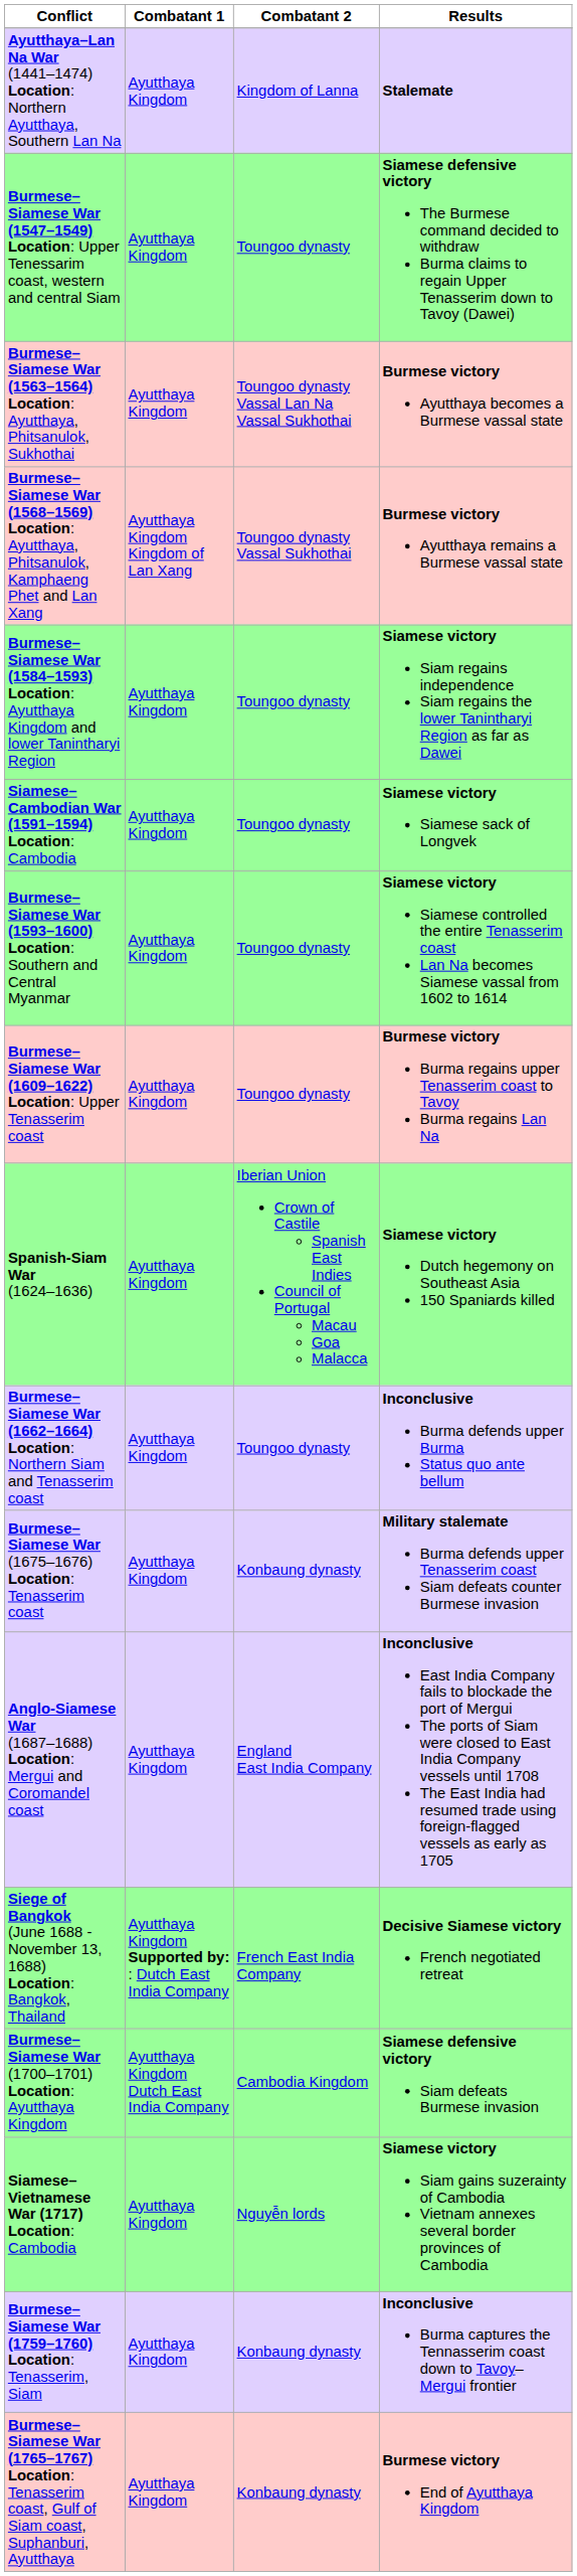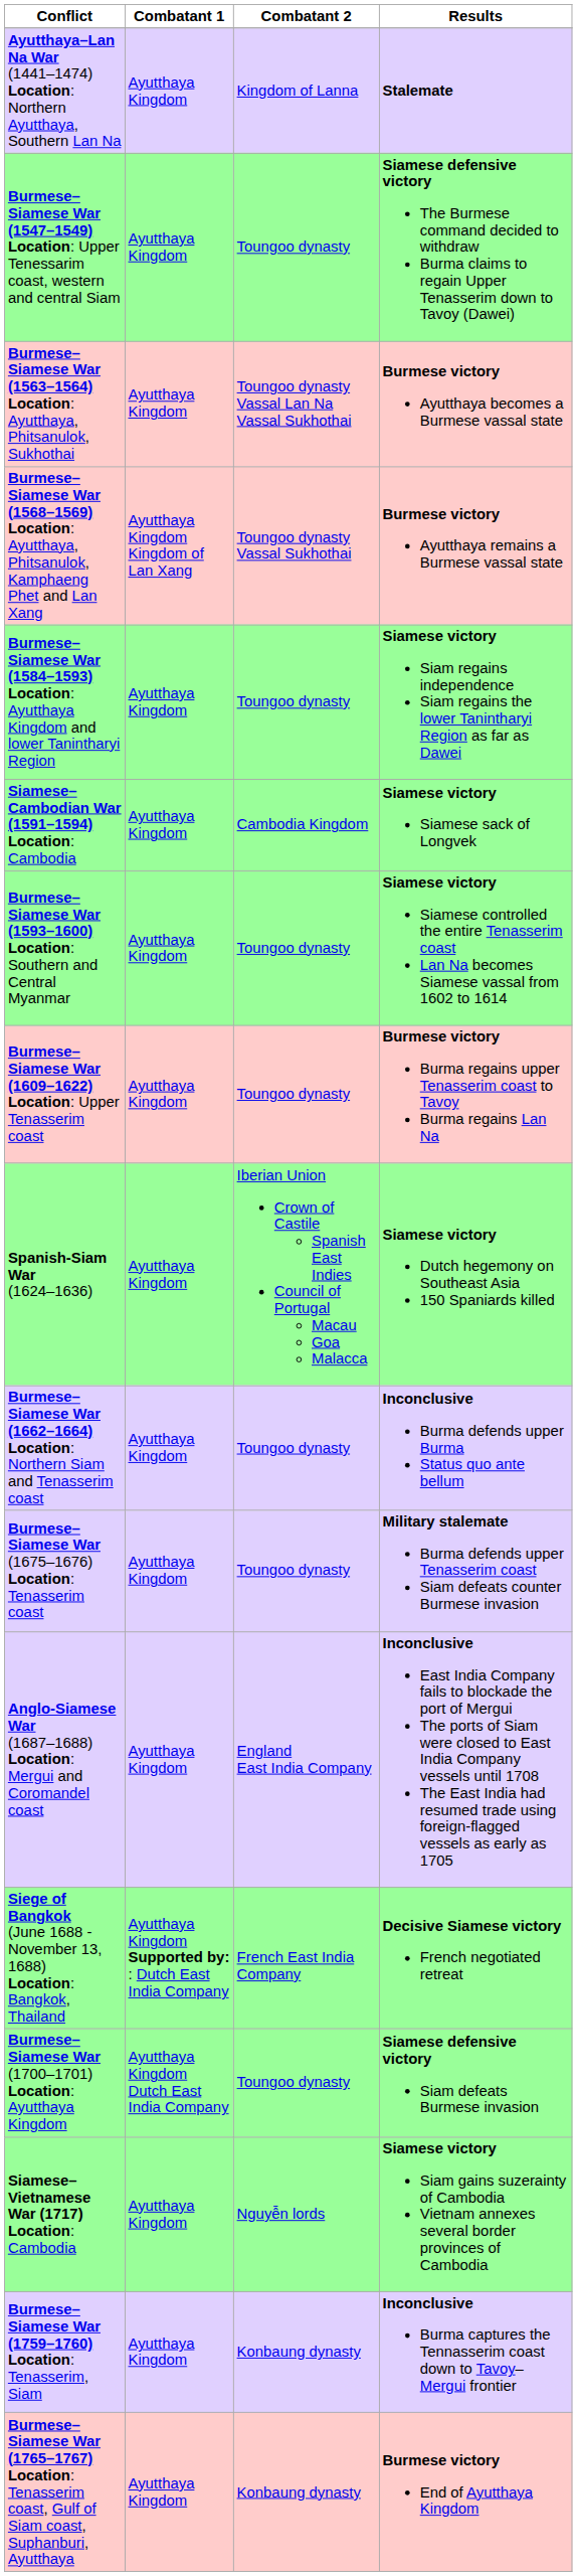 <table class="wikitable">
 <tr>
 <th style="background-color:white;" rowspan="1"width=200px><span>Conflict</span></th>
 <th style="background-color:white;" rowspan="1" width=170px><span>Combatant 1</span></th>
 <th style="background-color:white;" rowspan="1" width=170px><span>Combatant 2</span></th>
 <th style="background-color:white;" rowspan="1" width=340px><span>Results</span></th>
 </tr>
 <tr>
 </tr>
 <tr bgcolor="#E0D0FF">
 <td><a href='#'><strong>Ayutthaya–Lan Na War</strong></a><br>(1441–1474)<br><strong>Location</strong>: Northern <a href='#'>Ayutthaya</a>, Southern <a href='#'>Lan Na</a> </td>
 <td> <a href='#'>Ayutthaya Kingdom</a></td>
 <td> <a href='#'>Kingdom of Lanna</a></td>
 <td><strong>Stalemate</strong></td>
 </tr>
 <tr bgcolor="#99ff99">
 <td><strong><a href='#'>Burmese–Siamese War (1547–1549)</a></strong><br><strong>Location</strong>: Upper Tenessarim coast, western and central Siam<br></td>
 <td> <a href='#'>Ayutthaya Kingdom</a></td>
 <td> <a href='#'>Toungoo dynasty</a></td>
 <td><strong>Siamese defensive victory</strong><br><ul><li>The Burmese command decided to withdraw</li><li>Burma claims to regain Upper Tenasserim down to Tavoy (Dawei)</li></ul></td>
 </tr>
 <tr bgcolor="#FFCCCB">
 <td><strong><a href='#'>Burmese–Siamese War (1563–1564)</a></strong><br><strong>Location</strong>: <a href='#'>Ayutthaya</a>, <a href='#'>Phitsanulok</a>, <a href='#'>Sukhothai</a></td>
 <td> <a href='#'>Ayutthaya Kingdom</a></td>
 <td> <a href='#'>Toungoo dynasty</a><br><a href='#'>Vassal Lan Na</a><br><a href='#'>Vassal Sukhothai</a></td>
 <td><strong>Burmese victory</strong><br><ul><li>Ayutthaya becomes a Burmese vassal state</li></ul></td>
 </tr>
 <tr bgcolor="#FFCCCB">
 <td><strong><a href='#'>Burmese–Siamese War (1568–1569)</a></strong><br><strong>Location</strong>: <a href='#'>Ayutthaya</a>, <a href='#'>Phitsanulok</a>, <a href='#'>Kamphaeng Phet</a> and <a href='#'>Lan Xang</a></td>
 <td> <a href='#'>Ayutthaya Kingdom</a><br><a href='#'>Kingdom of Lan Xang</a></td>
 <td> <a href='#'>Toungoo dynasty</a><br><a href='#'>Vassal Sukhothai</a></td>
 <td><strong>Burmese victory</strong><br><ul><li>Ayutthaya remains a Burmese vassal state</li></ul></td>
 </tr>
 <tr bgcolor="#99ff99">
 <td><strong><a href='#'>Burmese–Siamese War (1584–1593)</a></strong><br><strong>Location</strong>: <a href='#'>Ayutthaya Kingdom</a> and <a href='#'>lower Tanintharyi Region</a> </td>
 <td> <a href='#'>Ayutthaya Kingdom</a></td>
 <td> <a href='#'>Toungoo dynasty</a></td>
 <td><strong>Siamese victory</strong><br><ul><li>Siam regains independence</li><li>Siam regains the <a href='#'>lower Tanintharyi Region</a> as far as <a href='#'>Dawei</a></li></ul></td>
 </tr>
 <tr bgcolor="#99ff99">
 <td><strong><a href='#'>Siamese–Cambodian War (1591–1594)</a></strong><br><strong>Location</strong>: <a href='#'>Cambodia</a></td>
 <td> <a href='#'>Ayutthaya Kingdom</a></td>
-<td> <a href='#'>Toungoo dynasty</a></td>
+<td> <a href='#'>Cambodia Kingdom</a></td>
 <td><strong>Siamese victory</strong><br><ul><li>Siamese sack of Longvek</li></ul></td>
 </tr>
 <tr bgcolor="#99ff99">
 <td><strong><a href='#'>Burmese–Siamese War (1593–1600)</a></strong><br><strong>Location</strong>: Southern and Central Myanmar                                                                                   </td>
 <td> <a href='#'>Ayutthaya Kingdom</a></td>
 <td> <a href='#'>Toungoo dynasty</a></td>
 <td><strong>Siamese victory</strong><br><ul><li>Siamese controlled the entire <a href='#'>Tenasserim coast</a></li><li><a href='#'>Lan Na</a> becomes Siamese vassal from 1602 to 1614</li></ul></td>
 </tr>
 <tr bgcolor="#FFCCCB">
 <td><strong><a href='#'>Burmese–Siamese War (1609–1622)</a></strong><br><strong>Location</strong>: Upper <a href='#'>Tenasserim coast</a></td>
 <td> <a href='#'>Ayutthaya Kingdom</a></td>
 <td> <a href='#'>Toungoo dynasty</a></td>
 <td><strong>Burmese victory</strong><br><ul><li>Burma regains upper <a href='#'>Tenasserim coast</a> to <a href='#'>Tavoy</a></li><li>Burma regains <a href='#'>Lan Na</a></li></ul></td>
 </tr>
 <tr bgcolor="#99ff99">
 <td><strong>Spanish-Siam War</strong><br>(1624–1636)</td>
 <td> <a href='#'>Ayutthaya Kingdom</a></td>
 <td> <a href='#'>Iberian Union</a><br><ul><li> <a href='#'>Crown of Castile</a><ul><li> <a href='#'>Spanish East Indies</a></li></ul></li><li> <a href='#'>Council of Portugal</a><ul><li> <a href='#'>Macau</a></li><li> <a href='#'>Goa</a></li><li> <a href='#'>Malacca</a></li></ul></li></ul></td>
 <td><strong>Siamese victory</strong><br><ul><li>Dutch hegemony on Southeast Asia</li><li>150 Spaniards killed</li></ul></td>
 </tr>
 <tr bgcolor="#E0D0FF">
 <td><strong><a href='#'>Burmese–Siamese War (1662–1664)</a></strong><br><strong>Location</strong>: <a href='#'>Northern Siam</a> and <a href='#'>Tenasserim coast</a></td>
 <td> <a href='#'>Ayutthaya Kingdom</a></td>
 <td> <a href='#'>Toungoo dynasty</a></td>
 <td><strong>Inconclusive</strong><br><ul><li>Burma defends upper <a href='#'>Burma</a></li><li><a href='#'>Status quo ante bellum</a></li></ul></td>
 </tr>
 <tr bgcolor="#E0D0FF">
 <td><a href='#'><strong>Burmese–Siamese War</strong></a><br>(1675–1676)<br><strong>Location</strong>: <a href='#'>Tenasserim coast</a></td>
 <td> <a href='#'>Ayutthaya Kingdom</a></td>
-<td><a href='#'>Konbaung dynasty</a></td>
+<td> <a href='#'>Toungoo dynasty</a></td>
 <td><strong>Military stalemate</strong><br><ul><li>Burma defends upper <a href='#'>Tenasserim coast</a></li><li>Siam defeats counter Burmese invasion</li></ul></td>
 </tr>
 <tr bgcolor="#E0D0FF">
 <td><strong><a href='#'>Anglo-Siamese War</a></strong><br>(1687–1688)<br><strong>Location</strong>: <a href='#'>Mergui</a> and <a href='#'>Coromandel coast</a></td>
 <td> <a href='#'>Ayutthaya Kingdom</a></td>
 <td> <a href='#'>England</a><br> <a href='#'>East India Company</a></td>
 <td><strong>Inconclusive</strong><br><ul><li>East India Company fails to blockade the port of Mergui</li><li>The ports of Siam were closed to East India Company vessels until 1708</li><li>The East India had resumed trade using foreign-flagged vessels as early as 1705</li></ul></td>
 </tr>
 <tr bgcolor="#99ff99">
 <td><strong><a href='#'>Siege of Bangkok</a></strong><br>(June 1688 - November 13, 1688)<br><strong>Location</strong>: <a href='#'>Bangkok</a>, <a href='#'>Thailand</a>  </td>
 <td> <a href='#'>Ayutthaya Kingdom</a><br><strong>Supported by:</strong> <br>: <a href='#'>Dutch East India Company</a></td>
 <td><br> <a href='#'>French East India Company</a></td>
 <td><strong>Decisive Siamese victory</strong><br><ul><li>French negotiated retreat</li></ul></td>
 </tr>
 <tr bgcolor="#99ff99">
 <td><a href='#'><strong>Burmese–Siamese War</strong></a><br>(1700–1701)<br><strong>Location</strong>: <a href='#'>Ayutthaya Kingdom</a></td>
 <td> <a href='#'>Ayutthaya Kingdom</a><br> <a href='#'>Dutch East India Company</a></td>
-<td> <a href='#'>Cambodia Kingdom</a></td>
+<td> <a href='#'>Toungoo dynasty</a></td>
 <td><strong>Siamese defensive victory</strong><br><ul><li>Siam defeats Burmese invasion</li></ul></td>
 </tr>
 <tr bgcolor="#99ff99">
 <td><strong>Siamese–Vietnamese War (1717)</strong><br><strong>Location</strong>: <a href='#'>Cambodia</a></td>
 <td> <a href='#'>Ayutthaya Kingdom</a></td>
 <td><a href='#'>Nguyễn lords</a></td>
 <td><strong>Siamese victory</strong><br><ul><li>Siam gains suzerainty of Cambodia</li><li>Vietnam annexes several border provinces of Cambodia</li></ul></td>
 </tr>
 <tr bgcolor="#E0D0FF">
 <td><strong><a href='#'>Burmese–Siamese War (1759–1760)</a></strong><br><strong>Location</strong>: <a href='#'>Tenasserim</a>, <a href='#'>Siam</a> </td>
 <td> <a href='#'>Ayutthaya Kingdom</a></td>
 <td> <a href='#'>Konbaung dynasty</a></td>
 <td><strong>Inconclusive</strong><br><ul><li>Burma captures the Tennasserim coast down to <a href='#'>Tavoy</a>–<a href='#'>Mergui</a> frontier</li></ul></td>
 </tr>
 <tr bgcolor="#FFCCCB">
 <td><strong><a href='#'>Burmese–Siamese War (1765–1767)</a></strong><br><strong>Location</strong>: <a href='#'>Tenasserim coast</a>, <a href='#'>Gulf of Siam coast</a>, <a href='#'>Suphanburi</a>, <a href='#'>Ayutthaya</a></td>
 <td> <a href='#'>Ayutthaya Kingdom</a></td>
 <td><a href='#'>Konbaung dynasty</a></td>
 <td><strong>Burmese victory</strong><br><ul><li>End of <a href='#'>Ayutthaya Kingdom</a></li></ul></td>
 </tr>
 </table>
